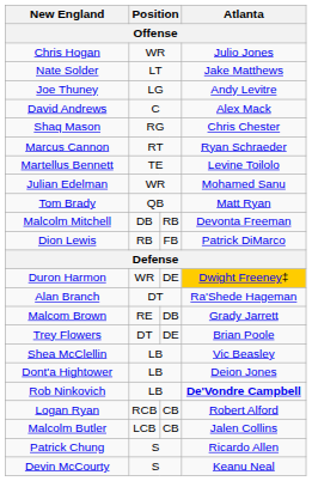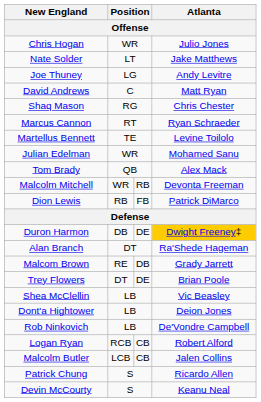 <table class="wikitable" style="text-align:center">
 <tr>
 <th style="width:160px">New England</th>
 <th colspan="2">Position</th>
 <th style="width:160px">Atlanta</th>
 </tr>
 <tr>
 <th colspan="4" style="text-align:center">Offense</th>
 </tr>
 <tr>
 <td><a href='#'>Chris Hogan</a></td>
 <td colspan="2" style="text-align:center">WR</td>
 <td><a href='#'>Julio Jones</a></td>
 </tr>
 <tr>
 <td><a href='#'>Nate Solder</a></td>
 <td colspan="2" style="text-align:center">LT</td>
 <td><a href='#'>Jake Matthews</a></td>
 </tr>
 <tr>
 <td><a href='#'>Joe Thuney</a></td>
 <td colspan="2" style="text-align:center">LG</td>
 <td><a href='#'>Andy Levitre</a></td>
 </tr>
 <tr>
 <td><a href='#'>David Andrews</a></td>
 <td colspan="2" style="text-align:center">C</td>
-<td><a href='#'>Alex Mack</a></td>
+<td><a href='#'>Matt Ryan</a></td>
 </tr>
 <tr>
 <td><a href='#'>Shaq Mason</a></td>
 <td colspan="2" style="text-align:center">RG</td>
 <td><a href='#'>Chris Chester</a></td>
 </tr>
 <tr>
 <td><a href='#'>Marcus Cannon</a></td>
 <td colspan="2" style="text-align:center">RT</td>
 <td><a href='#'>Ryan Schraeder</a></td>
 </tr>
 <tr>
 <td><a href='#'>Martellus Bennett</a></td>
 <td colspan="2" style="text-align:center">TE</td>
 <td><a href='#'>Levine Toilolo</a></td>
 </tr>
 <tr>
 <td><a href='#'>Julian Edelman</a></td>
 <td colspan="2" style="text-align:center">WR</td>
 <td><a href='#'>Mohamed Sanu</a></td>
 </tr>
 <tr>
 <td><a href='#'>Tom Brady</a></td>
 <td colspan="2" style="text-align:center">QB</td>
-<td><a href='#'>Matt Ryan</a></td>
+<td><a href='#'>Alex Mack</a></td>
 </tr>
 <tr>
 <td><a href='#'>Malcolm Mitchell</a></td>
-<td style="text-align:center">DB</td>
+<td style="text-align:center">WR</td>
 <td style="text-align:center">RB</td>
 <td><a href='#'>Devonta Freeman</a></td>
 </tr>
 <tr>
 <td><a href='#'>Dion Lewis</a></td>
 <td style="text-align:center">RB</td>
 <td style="text-align:center">FB</td>
 <td><a href='#'>Patrick DiMarco</a></td>
 </tr>
 <tr>
 <th colspan="4" style="text-align:center">Defense</th>
 </tr>
 <tr>
 <td><a href='#'>Duron Harmon</a></td>
-<td style="text-align:center">WR</td>
+<td style="text-align:center">DB</td>
 <td style="text-align:center">DE</td>
 <td bgcolor="#FFCC00"><a href='#'>Dwight Freeney</a>‡</td>
 </tr>
 <tr>
 <td><a href='#'>Alan Branch</a></td>
 <td colspan="2" style="text-align:center">DT</td>
 <td><a href='#'>Ra'Shede Hageman</a></td>
 </tr>
 <tr>
 <td><a href='#'>Malcom Brown</a></td>
 <td style="text-align:center">RE</td>
 <td style="text-align:center">DB</td>
 <td><a href='#'>Grady Jarrett</a></td>
 </tr>
 <tr>
 <td><a href='#'>Trey Flowers</a></td>
 <td style="text-align:center">DT</td>
 <td style="text-align:center">DE</td>
 <td><a href='#'>Brian Poole</a></td>
 </tr>
 <tr>
 <td><a href='#'>Shea McClellin</a></td>
 <td colspan="2" style="text-align:center">LB</td>
 <td><a href='#'>Vic Beasley</a></td>
 </tr>
 <tr>
 <td><a href='#'>Dont'a Hightower</a></td>
 <td colspan="2" style="text-align:center">LB</td>
 <td><a href='#'>Deion Jones</a></td>
 </tr>
 <tr>
 <td><a href='#'>Rob Ninkovich</a></td>
 <td colspan="2" style="text-align:center">LB</td>
-<td><strong><a href='#'>De'Vondre Campbell</a></strong></td>
+<td><a href='#'>De'Vondre Campbell</a></td>
 </tr>
 <tr>
 <td><a href='#'>Logan Ryan</a></td>
 <td style="text-align:center">RCB</td>
 <td style="text-align:center">CB</td>
 <td><a href='#'>Robert Alford</a></td>
 </tr>
 <tr>
 <td><a href='#'>Malcolm Butler</a></td>
 <td style="text-align:center">LCB</td>
 <td style="text-align:center">CB</td>
 <td><a href='#'>Jalen Collins</a></td>
 </tr>
 <tr>
 <td><a href='#'>Patrick Chung</a></td>
 <td colspan="2" style="text-align:center">S</td>
 <td><a href='#'>Ricardo Allen</a></td>
 </tr>
 <tr>
 <td><a href='#'>Devin McCourty</a></td>
 <td colspan="2" style="text-align:center">S</td>
 <td><a href='#'>Keanu Neal</a></td>
 </tr>
 </table>
